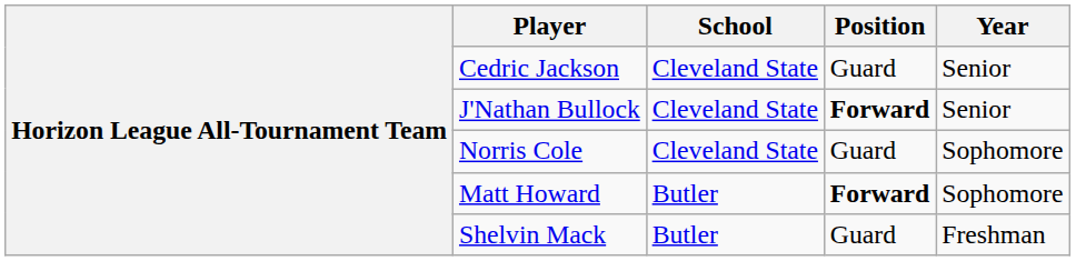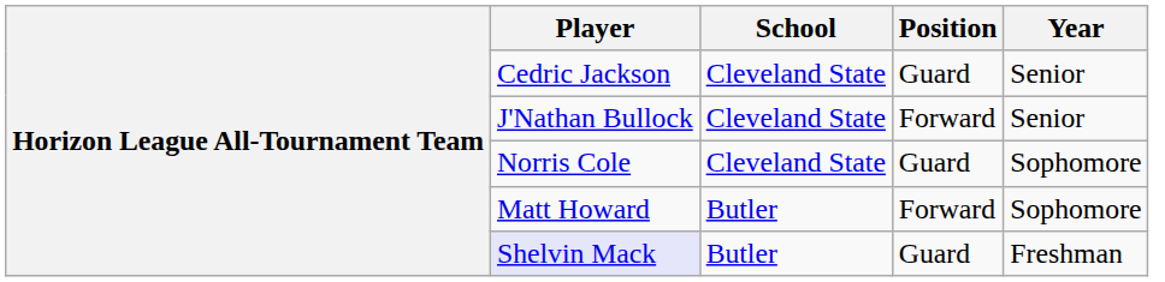 <table class="wikitable" border="1">
 <tr>
 <th rowspan=6 valign=middle>Horizon League All-Tournament Team</th>
 <th>Player</th>
 <th>School</th>
 <th>Position</th>
 <th>Year</th>
 </tr>
 <tr>
 <td><a href='#'>Cedric Jackson</a></td>
 <td><a href='#'>Cleveland State</a></td>
 <td>Guard</td>
 <td>Senior</td>
 </tr>
 <tr>
 <td><a href='#'>J'Nathan Bullock</a></td>
 <td><a href='#'>Cleveland State</a></td>
-<td><strong>Forward</strong></td>
+<td>Forward</td>
 <td>Senior</td>
 </tr>
 <tr>
 <td><a href='#'>Norris Cole</a></td>
 <td><a href='#'>Cleveland State</a></td>
 <td>Guard</td>
 <td>Sophomore</td>
 </tr>
 <tr>
 <td><a href='#'>Matt Howard</a></td>
 <td><a href='#'>Butler</a></td>
-<td><strong>Forward</strong></td>
+<td>Forward</td>
 <td>Sophomore</td>
 </tr>
 <tr>
-<td><a href='#'>Shelvin Mack</a></td>
+<td style="background: lavender;"><a href='#'>Shelvin Mack</a></td>
 <td><a href='#'>Butler</a></td>
 <td>Guard</td>
 <td>Freshman</td>
 </tr>
 </table>
